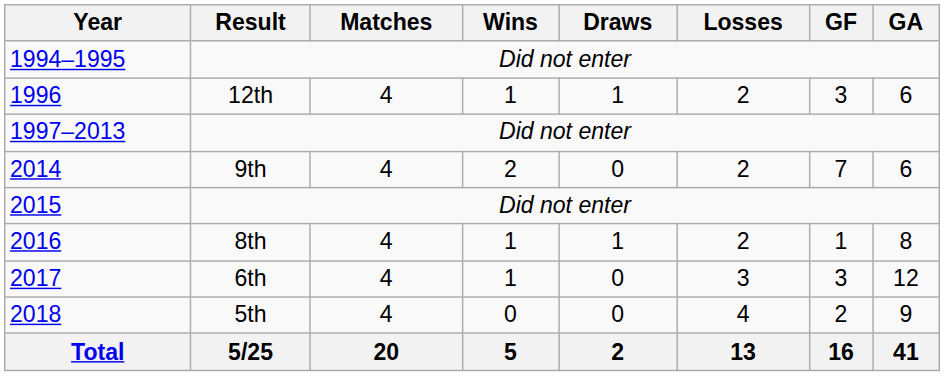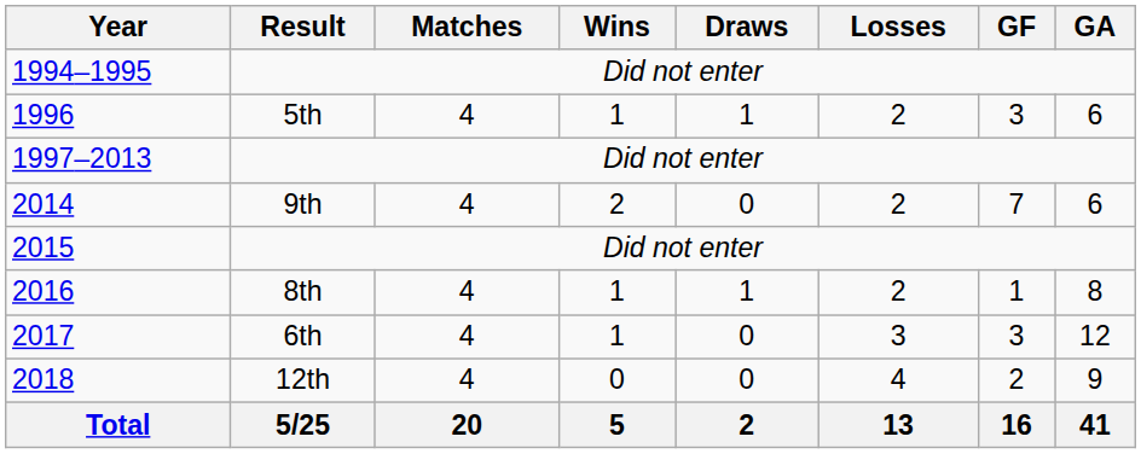 <table class="wikitable sortable"  style="text-align:center; width:650px;">
 <tr>
 <th data-sort-type="number">Year</th>
 <th data-sort-type="number">Result</th>
 <th data-sort-type="number">Matches</th>
 <th data-sort-type="number">Wins</th>
 <th data-sort-type="number">Draws</th>
 <th data-sort-type="number">Losses</th>
 <th data-sort-type="number">GF</th>
 <th data-sort-type="number">GA</th>
 </tr>
 <tr>
 <td style="text-align:left"> <a href='#'>1994</a><a href='#'>–1995</a></td>
 <td colspan="7"><em>Did not enter</em></td>
 </tr>
 <tr>
 <td style="text-align:left"> <a href='#'>1996</a></td>
-<td>12th</td>
+<td>5th</td>
 <td>4</td>
 <td>1</td>
 <td>1</td>
 <td>2</td>
 <td>3</td>
 <td>6</td>
 </tr>
 <tr>
 <td style="text-align:left"> <a href='#'>1997</a><a href='#'>–2013</a></td>
 <td colspan="7"><em>Did not enter</em></td>
 </tr>
 <tr>
 <td style="text-align:left"> <a href='#'>2014</a></td>
 <td>9th</td>
 <td>4</td>
 <td>2</td>
 <td>0</td>
 <td>2</td>
 <td>7</td>
 <td>6</td>
 </tr>
 <tr>
 <td style="text-align:left"> <a href='#'>2015</a></td>
 <td colspan="7"><em>Did not enter</em></td>
 </tr>
 <tr>
 <td style="text-align:left"> <a href='#'>2016</a></td>
 <td>8th</td>
 <td>4</td>
 <td>1</td>
 <td>1</td>
 <td>2</td>
 <td>1</td>
 <td>8</td>
 </tr>
 <tr>
 <td style="text-align:left"> <a href='#'>2017</a></td>
 <td>6th</td>
 <td>4</td>
 <td>1</td>
 <td>0</td>
 <td>3</td>
 <td>3</td>
 <td>12</td>
 </tr>
 <tr>
 <td style="text-align:left"> <a href='#'>2018</a></td>
-<td>5th</td>
+<td>12th</td>
 <td>4</td>
 <td>0</td>
 <td>0</td>
 <td>4</td>
 <td>2</td>
 <td>9</td>
 </tr>
 <tr class=sortbottom style="font-weight:bold;">
 <th><a href='#'>Total</a></th>
 <th>5/25</th>
 <th>20</th>
 <th>5</th>
 <th>2</th>
 <th>13</th>
 <th>16</th>
 <th>41</th>
 </tr>
 </table>
